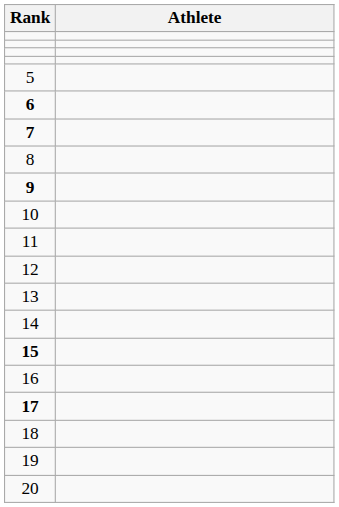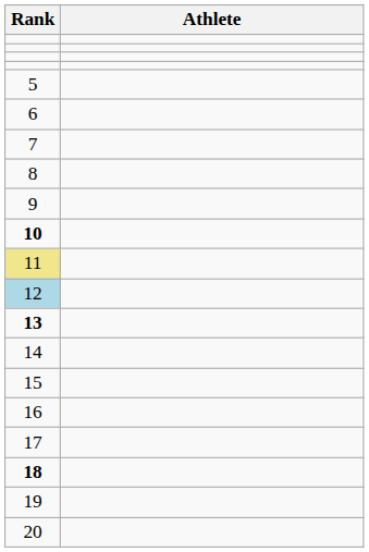 <table class="wikitable" style="text-align: center;">
 <tr>
 <th width=40>Rank</th>
 <th width=250>Athlete</th>
 </tr>
 <tr>
 <td></td>
 <td align=left></td>
 </tr>
 <tr>
 <td></td>
 <td align=left></td>
 </tr>
 <tr>
 <td></td>
 <td align=left></td>
 </tr>
 <tr>
 <td></td>
 <td align=left></td>
 </tr>
 <tr>
 <td>5</td>
 <td align=left></td>
 </tr>
 <tr>
-<td><strong>6</strong></td>
+<td>6</td>
 <td align=left></td>
 </tr>
 <tr>
-<td><strong>7</strong></td>
+<td>7</td>
 <td align=left></td>
 </tr>
 <tr>
 <td>8</td>
 <td align=left></td>
 </tr>
 <tr>
-<td><strong>9</strong></td>
+<td>9</td>
 <td align=left></td>
 </tr>
 <tr>
-<td>10</td>
+<td><strong>10</strong></td>
 <td align=left></td>
 </tr>
 <tr>
-<td>11</td>
+<td style="background: khaki;">11</td>
 <td align=left></td>
 </tr>
 <tr>
-<td>12</td>
+<td style="background: lightblue;">12</td>
 <td align=left></td>
 </tr>
 <tr>
-<td>13</td>
+<td><strong>13</strong></td>
 <td align=left></td>
 </tr>
 <tr>
 <td>14</td>
 <td align=left></td>
 </tr>
 <tr>
-<td><strong>15</strong></td>
+<td>15</td>
 <td align=left></td>
 </tr>
 <tr>
 <td>16</td>
 <td align=left></td>
 </tr>
 <tr>
-<td><strong>17</strong></td>
+<td>17</td>
 <td align=left></td>
 </tr>
 <tr>
-<td>18</td>
+<td><strong>18</strong></td>
 <td align=left></td>
 </tr>
 <tr>
 <td>19</td>
 <td align=left></td>
 </tr>
 <tr>
 <td>20</td>
 <td align=left></td>
 </tr>
 </table>
